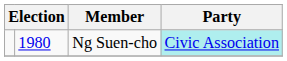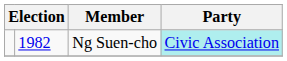 <table class="wikitable">
 <tr>
 <th colspan="2">Election</th>
 <th>Member</th>
 <th>Party</th>
 </tr>
 <tr>
 <td style="background-color: "></td>
-<td><a href='#'>1980</a></td>
+<td><a href='#'>1982</a></td>
 <td>Ng Suen-cho</td>
 <td style="background: paleturquoise;"><a href='#'>Civic Association</a></td>
 </tr>
 <tr>
 </tr>
 </table>
